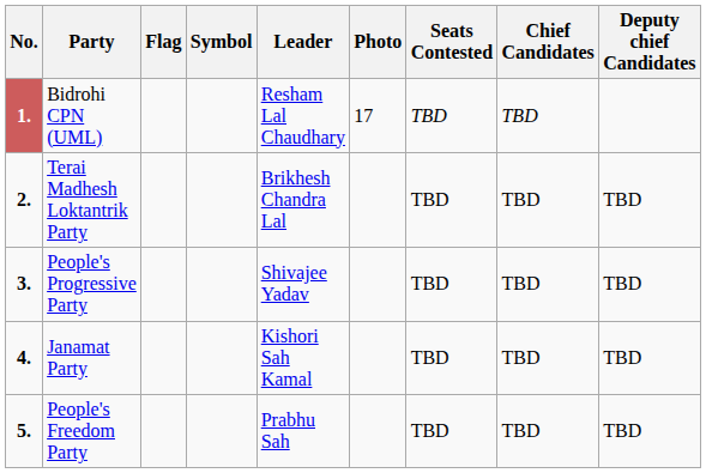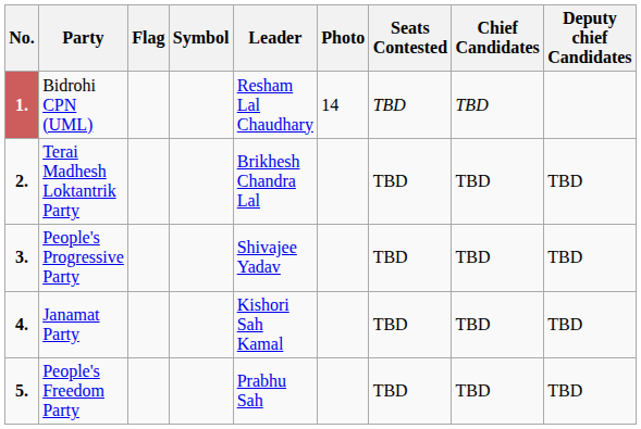 <table class="wikitable" width="50%">
 <tr>
 <th>No.</th>
 <th>Party</th>
 <th>Flag</th>
 <th>Symbol</th>
 <th>Leader</th>
 <th>Photo</th>
 <th>Seats Contested</th>
 <th>Chief Candidates</th>
 <th>Deputy chief Candidates</th>
 </tr>
 <tr>
 <td style="text-align:center; background:indianred;color:white"><strong>1.</strong></td>
 <td>Bidrohi <a href='#'>CPN (UML)</a></td>
 <td></td>
 <td></td>
 <td><a href='#'>Resham Lal Chaudhary</a></td>
-<td>17</td>
+<td>14</td>
 <td><em>TBD</em></td>
 <td><em>TBD</em></td>
 <td></td>
 </tr>
 <tr>
 <td style="text-align:center; background:"><strong>2.</strong></td>
 <td><a href='#'>Terai Madhesh Loktantrik Party</a></td>
 <td></td>
 <td></td>
 <td><a href='#'>Brikhesh Chandra Lal</a></td>
 <td></td>
 <td>TBD</td>
 <td>TBD</td>
 <td>TBD</td>
 </tr>
 <tr>
 <td style="text-align:center; background:"><strong>3.</strong></td>
 <td><a href='#'>People's Progressive Party</a></td>
 <td></td>
 <td></td>
 <td><a href='#'>Shivajee Yadav</a></td>
 <td></td>
 <td>TBD</td>
 <td>TBD</td>
 <td>TBD</td>
 </tr>
 <tr>
 <td style="text-align:center; background:"><strong>4.</strong></td>
 <td><a href='#'>Janamat Party</a></td>
 <td></td>
 <td></td>
 <td><a href='#'>Kishori Sah Kamal</a></td>
 <td></td>
 <td>TBD</td>
 <td>TBD</td>
 <td>TBD</td>
 </tr>
 <tr>
 <td style="text-align:center; background:"><strong>5.</strong></td>
 <td><a href='#'>People's Freedom Party</a></td>
 <td></td>
 <td></td>
 <td><a href='#'>Prabhu Sah</a></td>
 <td></td>
 <td>TBD</td>
 <td>TBD</td>
 <td>TBD</td>
 </tr>
 </table>
